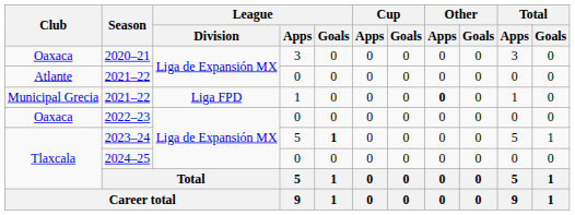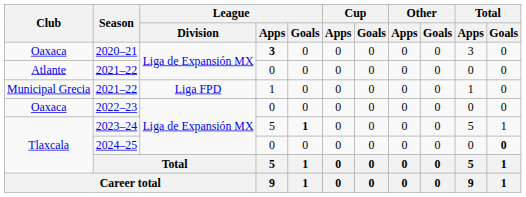 <table class=wikitable style=text-align:center>
 <tr>
 <th rowspan="2">Club</th>
 <th rowspan="2">Season</th>
 <th colspan="3">League</th>
 <th colspan="2">Cup</th>
 <th colspan="2">Other</th>
 <th colspan="2">Total</th>
 </tr>
 <tr>
 <th>Division</th>
 <th>Apps</th>
 <th>Goals</th>
 <th>Apps</th>
 <th>Goals</th>
 <th>Apps</th>
 <th>Goals</th>
 <th>Apps</th>
 <th>Goals</th>
 </tr>
 <tr>
 <td><a href='#'>Oaxaca</a></td>
 <td><a href='#'>2020–21</a></td>
 <td rowspan="2"><a href='#'>Liga de Expansión MX</a></td>
-<td>3</td>
+<td><strong>3</strong></td>
 <td>0</td>
 <td>0</td>
 <td>0</td>
 <td>0</td>
 <td>0</td>
 <td>3</td>
 <td>0</td>
 </tr>
 <tr>
 <td><a href='#'>Atlante</a></td>
 <td><a href='#'>2021–22</a></td>
 <td>0</td>
 <td>0</td>
 <td>0</td>
 <td>0</td>
 <td>0</td>
 <td>0</td>
 <td>0</td>
 <td>0</td>
 </tr>
 <tr>
 <td><a href='#'>Municipal Grecia</a></td>
 <td><a href='#'>2021–22</a></td>
 <td><a href='#'>Liga FPD</a></td>
 <td>1</td>
 <td>0</td>
 <td>0</td>
 <td>0</td>
-<td><strong>0</strong></td>
+<td>0</td>
 <td>0</td>
 <td>1</td>
 <td>0</td>
 </tr>
 <tr>
 <td><a href='#'>Oaxaca</a></td>
 <td><a href='#'>2022–23</a></td>
 <td rowspan="3"><a href='#'>Liga de Expansión MX</a></td>
 <td>0</td>
 <td>0</td>
 <td>0</td>
 <td>0</td>
 <td>0</td>
 <td>0</td>
 <td>0</td>
 <td>0</td>
 </tr>
 <tr>
 <td rowspan="3"><a href='#'>Tlaxcala</a></td>
 <td><a href='#'>2023–24</a></td>
 <td>5</td>
 <td><strong>1</strong></td>
 <td>0</td>
 <td>0</td>
 <td>0</td>
 <td>0</td>
 <td>5</td>
 <td>1</td>
 </tr>
 <tr>
 <td><a href='#'>2024–25</a></td>
 <td>0</td>
 <td>0</td>
 <td>0</td>
 <td>0</td>
 <td>0</td>
 <td>0</td>
 <td>0</td>
-<td>0</td>
+<td><strong>0</strong></td>
 </tr>
 <tr>
 <th colspan="2"><strong>Total</strong></th>
 <th>5</th>
 <th>1</th>
 <th>0</th>
 <th>0</th>
 <th>0</th>
 <th>0</th>
 <th>5</th>
 <th>1</th>
 </tr>
 <tr>
 <th colspan="3"><strong>Career total</strong></th>
 <th>9</th>
 <th>1</th>
 <th>0</th>
 <th>0</th>
 <th>0</th>
 <th>0</th>
 <th>9</th>
 <th>1</th>
 </tr>
 </table>
